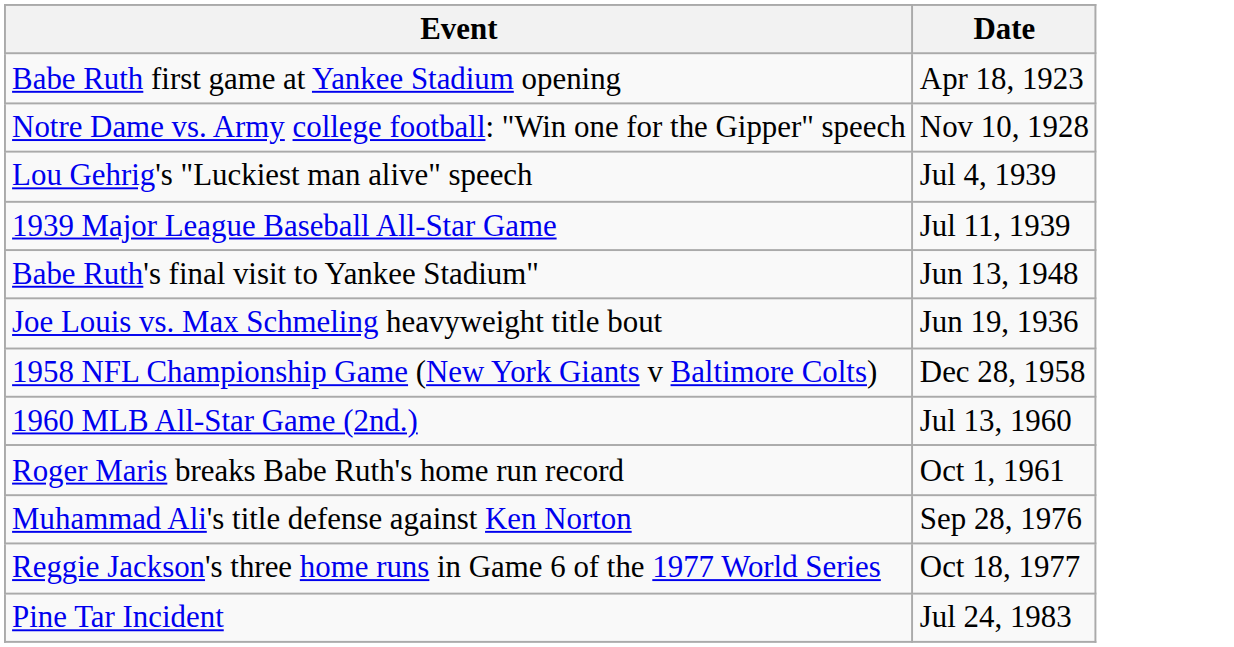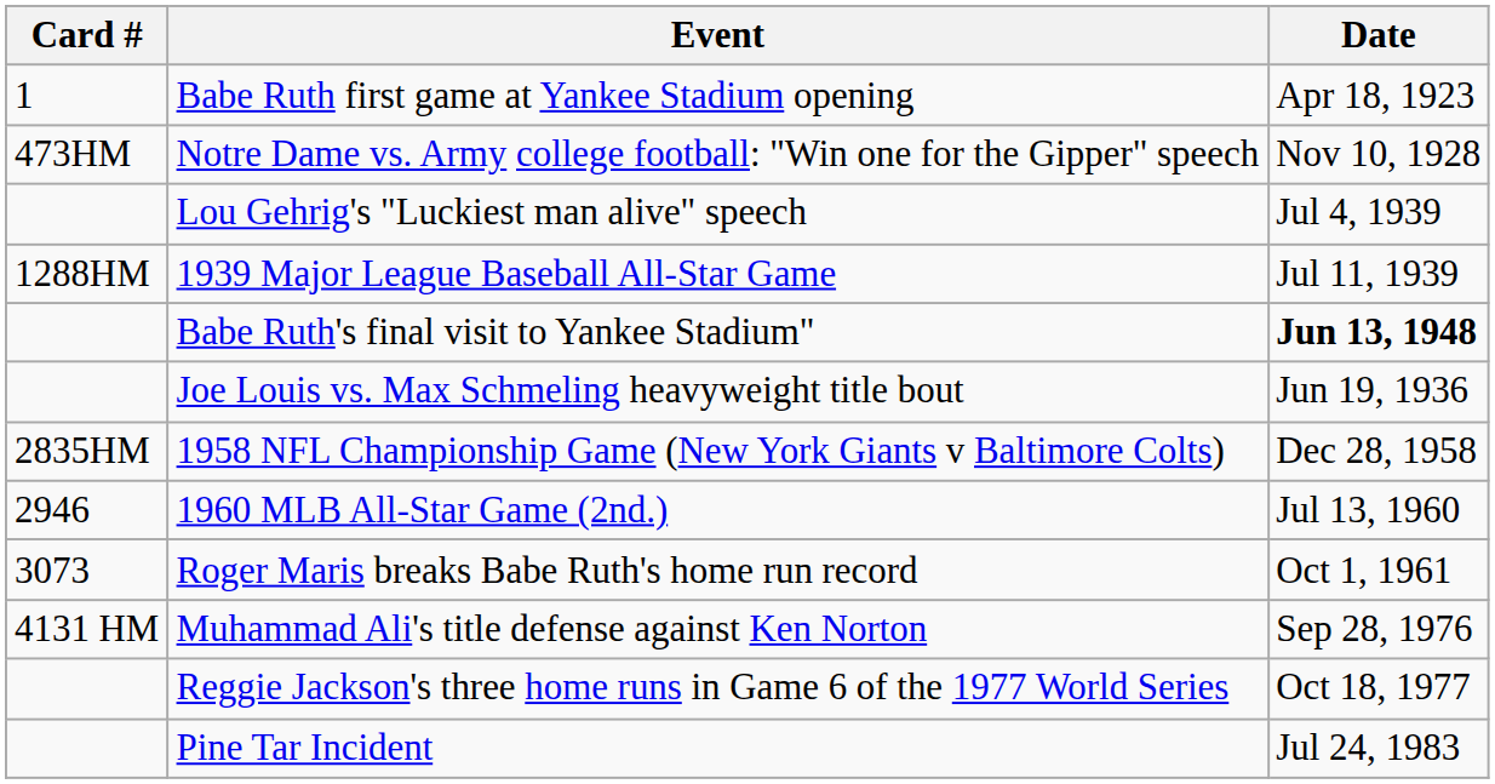 <table class="wikitable sortable" style="text-align:">
 <tr>
+<th>Card #</th>
 <th>Event</th>
 <th>Date</th>
 </tr>
 <tr>
+<td>1</td>
 <td><a href='#'>Babe Ruth</a> first game at <a href='#'>Yankee Stadium</a> opening </td>
 <td>Apr 18, 1923</td>
 </tr>
 <tr>
+<td>473HM</td>
 <td><a href='#'>Notre Dame vs. Army</a> <a href='#'>college football</a>: "Win one for the Gipper" speech </td>
 <td>Nov 10, 1928</td>
 </tr>
 <tr>
+<td></td>
 <td><a href='#'>Lou Gehrig</a>'s "Luckiest man alive" speech </td>
 <td>Jul 4, 1939</td>
 </tr>
 <tr>
+<td>1288HM</td>
 <td><a href='#'>1939 Major League Baseball All-Star Game</a></td>
 <td>Jul 11, 1939</td>
 </tr>
 <tr>
+<td></td>
 <td><a href='#'>Babe Ruth</a>'s final visit to Yankee Stadium" </td>
-<td>Jun 13, 1948</td>
+<td><strong>Jun 13, 1948</strong></td>
 </tr>
 <tr>
+<td></td>
 <td><a href='#'>Joe Louis vs. Max Schmeling</a> heavyweight title bout </td>
 <td>Jun 19, 1936</td>
 </tr>
 <tr>
+<td>2835HM</td>
 <td><a href='#'>1958 NFL Championship Game</a> (<a href='#'>New York Giants</a> v <a href='#'>Baltimore Colts</a>) </td>
 <td>Dec 28, 1958</td>
 </tr>
 <tr>
+<td>2946</td>
 <td><a href='#'>1960 MLB All-Star Game (2nd.)</a></td>
 <td>Jul 13, 1960</td>
 </tr>
 <tr>
+<td>3073</td>
 <td><a href='#'>Roger Maris</a> breaks Babe Ruth's home run record</td>
 <td>Oct 1, 1961</td>
 </tr>
 <tr>
+<td>4131 HM</td>
 <td><a href='#'>Muhammad Ali</a>'s title defense against <a href='#'>Ken Norton</a> </td>
 <td>Sep 28, 1976</td>
 </tr>
 <tr>
+<td></td>
 <td><a href='#'>Reggie Jackson</a>'s three <a href='#'>home runs</a> in Game 6 of the <a href='#'>1977 World Series</a></td>
 <td>Oct 18, 1977</td>
 </tr>
 <tr>
+<td></td>
 <td><a href='#'>Pine Tar Incident</a> </td>
 <td>Jul 24, 1983</td>
 </tr>
 </table>
